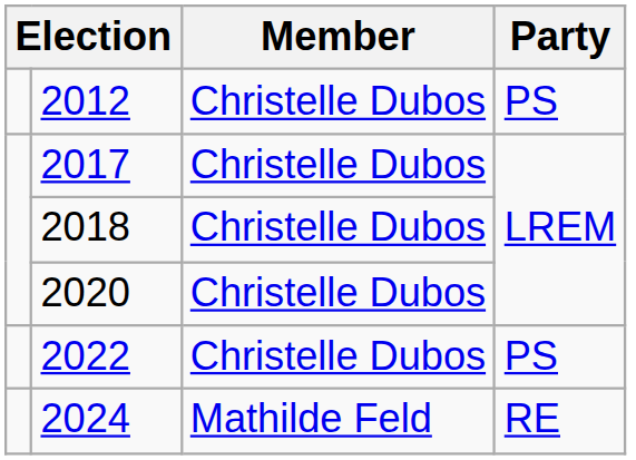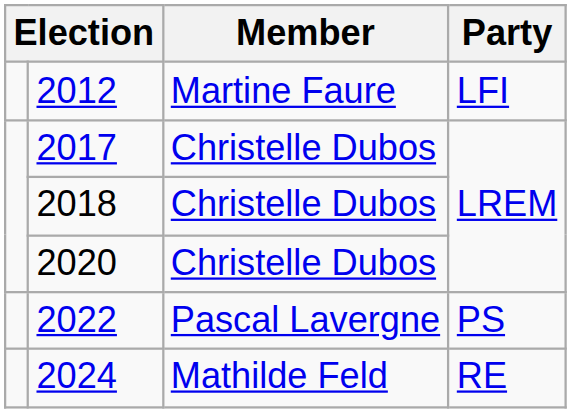 <table class="wikitable">
 <tr>
 <th colspan=2>Election</th>
 <th>Member</th>
 <th>Party</th>
 </tr>
 <tr>
 <td style="background-color: "></td>
 <td><a href='#'>2012</a></td>
-<td><a href='#'>Christelle Dubos</a></td>
-<td><a href='#'>PS</a></td>
+<td><a href='#'>Martine Faure</a></td>
+<td><a href='#'>LFI</a></td>
 </tr>
 <tr>
 <td rowspan="3" style="background-color: "></td>
 <td><a href='#'>2017</a></td>
 <td><a href='#'>Christelle Dubos</a></td>
 <td rowspan="3"><a href='#'>LREM</a></td>
 </tr>
 <tr>
 <td>2018</td>
 <td><a href='#'>Christelle Dubos</a></td>
 </tr>
 <tr>
 <td>2020</td>
 <td><a href='#'>Christelle Dubos</a></td>
 </tr>
 <tr>
 <td style="color:inherit;background-color: "></td>
 <td><a href='#'>2022</a></td>
-<td><a href='#'>Christelle Dubos</a></td>
+<td><a href='#'>Pascal Lavergne</a></td>
 <td><a href='#'>PS</a></td>
 </tr>
 <tr>
 <td style="color:inherit;background-color: "></td>
 <td><a href='#'>2024</a></td>
 <td><a href='#'>Mathilde Feld</a></td>
 <td><a href='#'>RE</a></td>
 </tr>
 </table>
